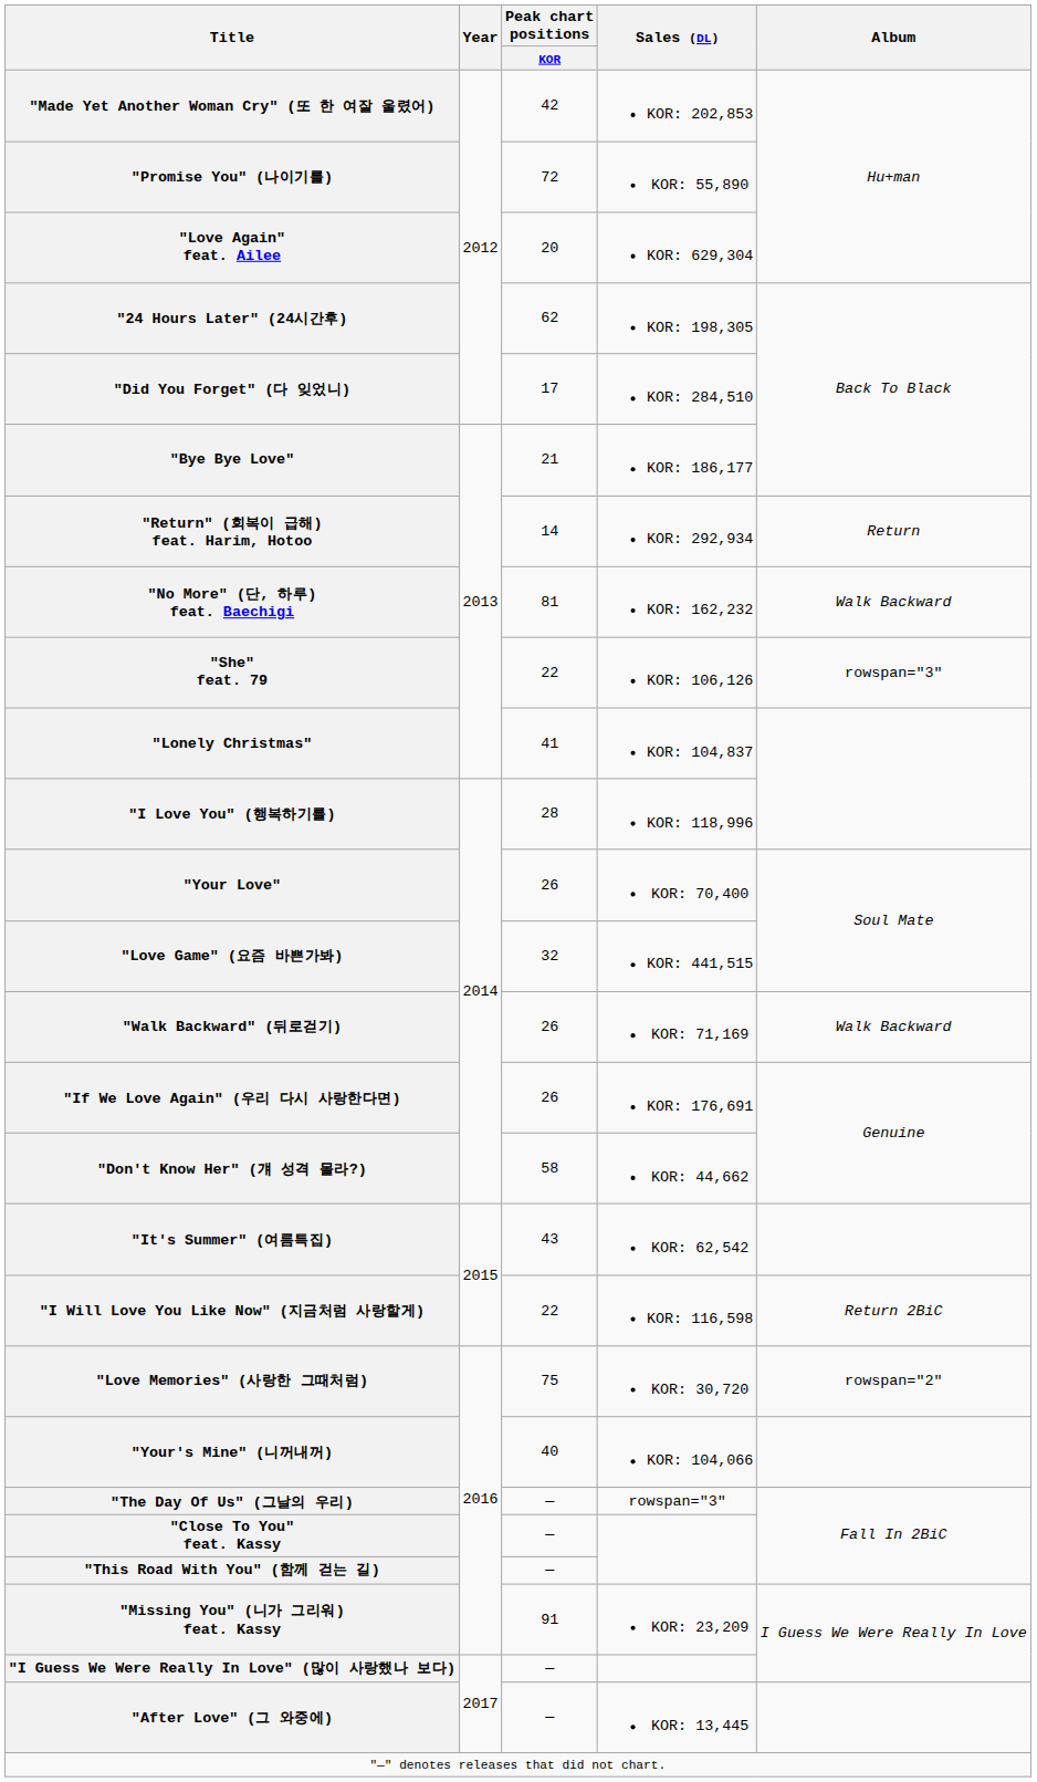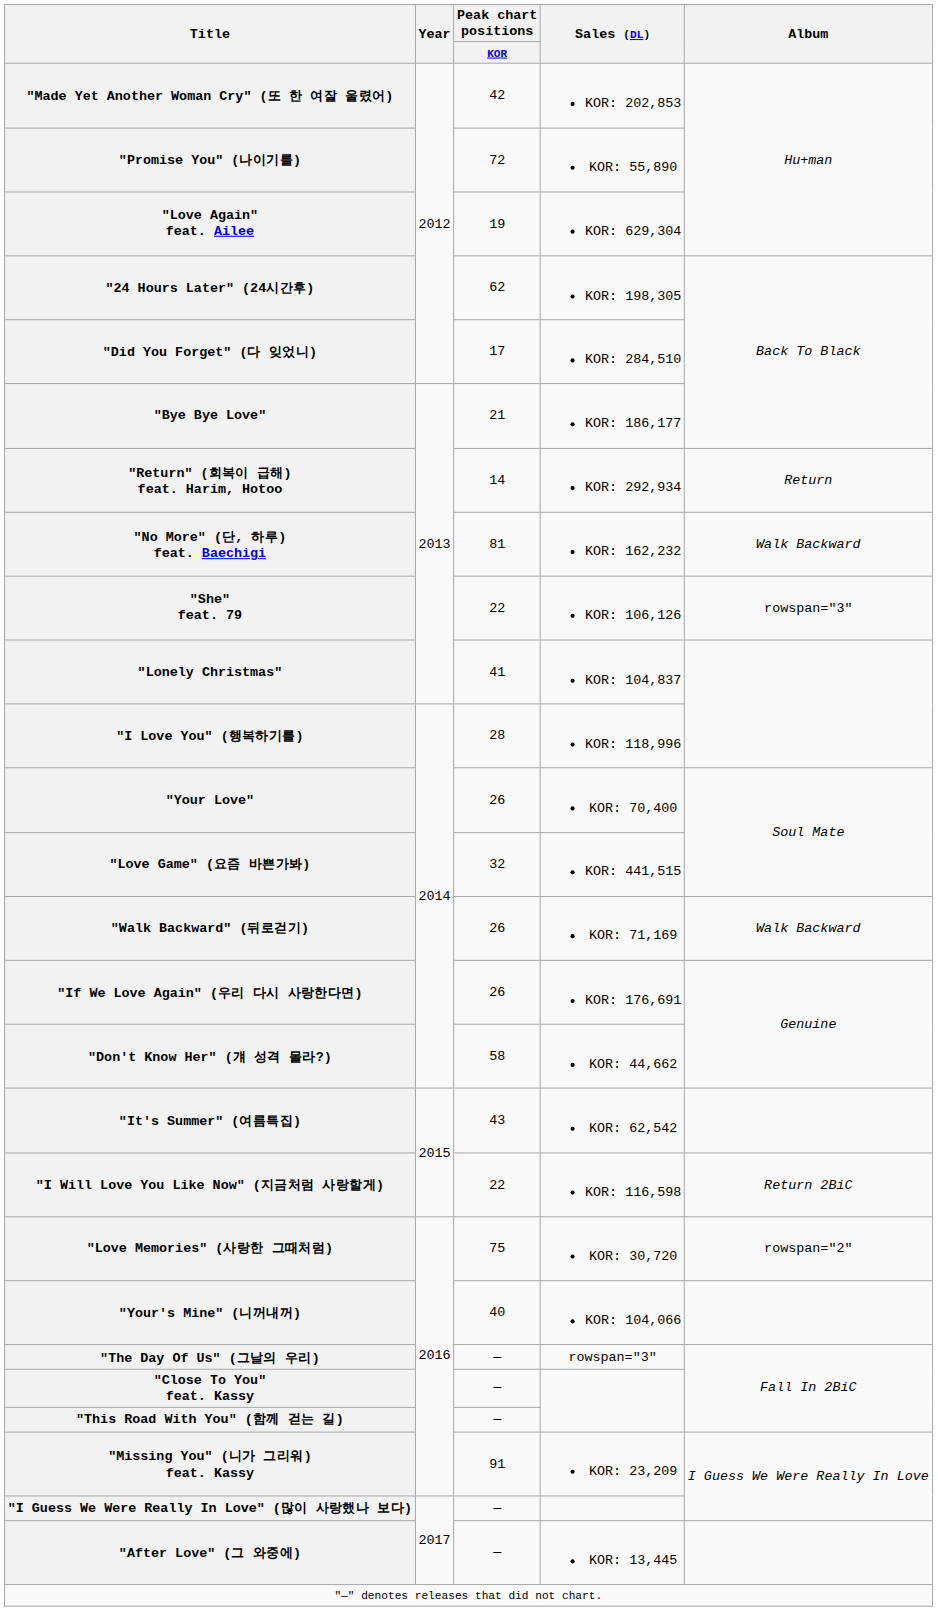 <table class="wikitable plainrowheaders" style="text-align:center;">
 <tr>
 <th scope="col" rowspan="2">Title</th>
 <th scope="col" rowspan="2">Year</th>
 <th scope="col" colspan="1">Peak chart <br> positions</th>
 <th scope="col" rowspan="2">Sales <small>(<a href='#'>DL</a>)</small></th>
 <th scope="col" rowspan="2">Album</th>
 </tr>
 <tr>
 <th><small><a href='#'>KOR</a></small><br></th>
 </tr>
 <tr>
 <th scope="row">"Made Yet Another Woman Cry" (또 한 여잘 울렸어)</th>
 <td rowspan="5">2012</td>
 <td>42</td>
 <td><br><ul><li>KOR: 202,853</li></ul></td>
 <td rowspan="3"><em>Hu+man</em></td>
 </tr>
 <tr>
 <th scope="row">"Promise You" (나이기를)</th>
 <td>72</td>
 <td><br><ul><li>KOR: 55,890</li></ul></td>
 </tr>
 <tr>
 <th scope="row">"Love Again"<br>feat. <a href='#'>Ailee</a></th>
-<td>20</td>
+<td>19</td>
 <td><br><ul><li>KOR: 629,304</li></ul></td>
 </tr>
 <tr>
 <th scope="row">"24 Hours Later" (24시간후)</th>
 <td>62</td>
 <td><br><ul><li>KOR: 198,305</li></ul></td>
 <td rowspan="3"><em>Back To Black</em></td>
 </tr>
 <tr>
 <th scope="row">"Did You Forget" (다 잊었니)</th>
 <td>17</td>
 <td><br><ul><li>KOR: 284,510</li></ul></td>
 </tr>
 <tr>
 <th scope="row">"Bye Bye Love"</th>
 <td rowspan="5">2013</td>
 <td>21</td>
 <td><br><ul><li>KOR: 186,177</li></ul></td>
 </tr>
 <tr>
 <th scope="row">"Return" (회복이 급해)<br>feat. Harim, Hotoo</th>
 <td>14</td>
 <td><br><ul><li>KOR: 292,934</li></ul></td>
 <td><em>Return</em></td>
 </tr>
 <tr>
 <th scope="row">"No More" (단, 하루)<br>feat. <a href='#'>Baechigi</a></th>
 <td>81</td>
 <td><br><ul><li>KOR: 162,232</li></ul></td>
 <td><em>Walk Backward</em></td>
 </tr>
 <tr>
 <th scope="row">"She"<br>feat. 79</th>
 <td>22</td>
 <td><br><ul><li>KOR: 106,126</li></ul></td>
 <td>rowspan="3" </td>
 </tr>
 <tr>
 <th scope="row">"Lonely Christmas"</th>
 <td>41</td>
 <td><br><ul><li>KOR: 104,837</li></ul></td>
 </tr>
 <tr>
 <th scope="row">"I Love You" (행복하기를)</th>
 <td rowspan="6">2014</td>
 <td>28</td>
 <td><br><ul><li>KOR: 118,996</li></ul></td>
 </tr>
 <tr>
 <th scope="row">"Your Love"</th>
 <td>26</td>
 <td><br><ul><li>KOR: 70,400</li></ul></td>
 <td rowspan="2"><em>Soul Mate</em></td>
 </tr>
 <tr>
 <th scope="row">"Love Game" (요즘 바쁜가봐)</th>
 <td>32</td>
 <td><br><ul><li>KOR: 441,515</li></ul></td>
 </tr>
 <tr>
 <th scope="row">"Walk Backward" (뒤로걷기)</th>
 <td>26</td>
 <td><br><ul><li>KOR: 71,169</li></ul></td>
 <td><em>Walk Backward</em></td>
 </tr>
 <tr>
 <th scope="row">"If We Love Again" (우리 다시 사랑한다면)</th>
 <td>26</td>
 <td><br><ul><li>KOR: 176,691</li></ul></td>
 <td rowspan="2"><em>Genuine</em></td>
 </tr>
 <tr>
 <th scope="row">"Don't Know Her" (걔 성격 몰라?)</th>
 <td>58</td>
 <td><br><ul><li>KOR: 44,662</li></ul></td>
 </tr>
 <tr>
 <th scope="row">"It's Summer" (여름특집)</th>
 <td rowspan="2">2015</td>
 <td>43</td>
 <td><br><ul><li>KOR: 62,542</li></ul></td>
 <td></td>
 </tr>
 <tr>
 <th scope="row">"I Will Love You Like Now" (지금처럼 사랑할게)</th>
 <td>22</td>
 <td><br><ul><li>KOR: 116,598</li></ul></td>
 <td><em>Return 2BiC</em></td>
 </tr>
 <tr>
 <th scope="row">"Love Memories" (사랑한 그때처럼)</th>
 <td rowspan="6">2016</td>
 <td>75</td>
 <td><br><ul><li>KOR: 30,720</li></ul></td>
 <td>rowspan="2" </td>
 </tr>
 <tr>
 <th scope="row">"Your's Mine" (니꺼내꺼)</th>
 <td>40</td>
 <td><br><ul><li>KOR: 104,066</li></ul></td>
 </tr>
 <tr>
 <th scope="row">"The Day Of Us" (그날의 우리)</th>
 <td>—</td>
 <td>rowspan="3" </td>
 <td rowspan="3"><em>Fall In 2BiC</em></td>
 </tr>
 <tr>
 <th scope="row">"Close To You"<br>feat. Kassy</th>
 <td>—</td>
 </tr>
 <tr>
 <th scope="row">"This Road With You" (함께 걷는 길)</th>
 <td>—</td>
 </tr>
 <tr>
 <th scope="row">"Missing You" (니가 그리워)<br>feat. Kassy</th>
 <td>91</td>
 <td><br><ul><li>KOR: 23,209</li></ul></td>
 <td rowspan="2"><em>I Guess We Were Really In Love</em></td>
 </tr>
 <tr>
 <th scope="row">"I Guess We Were Really In Love" (많이 사랑했나 보다)</th>
 <td rowspan="2">2017</td>
 <td>—</td>
 <td></td>
 </tr>
 <tr>
 <th scope="row">"After Love" (그 와중에)</th>
 <td>—</td>
 <td><br><ul><li>KOR: 13,445</li></ul></td>
 <td></td>
 </tr>
 <tr>
 <td colspan="5" align="center"><small>"—" denotes releases that did not chart.</small></td>
 </tr>
 </table>
